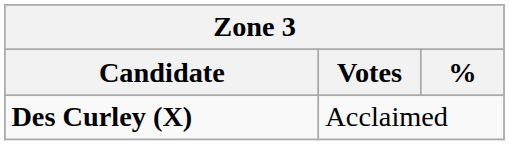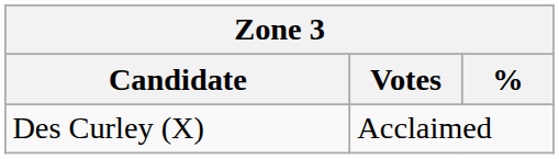 <table class="wikitable">
 <tr>
 <th colspan="3">Zone 3</th>
 </tr>
 <tr>
 <th style="width: 170px">Candidate</th>
 <th style="width: 50px">Votes</th>
 <th style="width: 40px">%</th>
 </tr>
 <tr>
-<td><strong>Des Curley (X)</strong></td>
+<td>Des Curley (X)</td>
 <td colspan="2">Acclaimed</td>
 </tr>
 </table>
